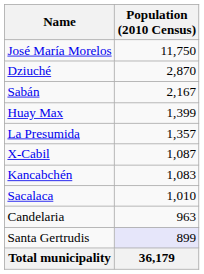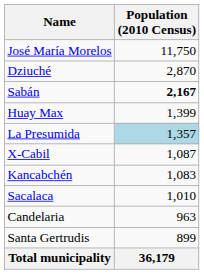 <table class="wikitable sortable">
 <tr>
 <th>Name</th>
 <th>Population<br>(2010 Census)</th>
 </tr>
 <tr>
 <td><a href='#'>José María Morelos</a></td>
 <td align=right>11,750</td>
 </tr>
 <tr>
 <td><a href='#'>Dziuché</a></td>
 <td align=right>2,870</td>
 </tr>
 <tr>
 <td><a href='#'>Sabán</a></td>
-<td align=right>2,167</td>
+<td align=right><strong>2,167</strong></td>
 </tr>
 <tr>
 <td><a href='#'>Huay Max</a></td>
 <td align=right>1,399</td>
 </tr>
 <tr>
 <td><a href='#'>La Presumida</a></td>
-<td align=right>1,357</td>
+<td align=right style="background: lightblue;">1,357</td>
 </tr>
 <tr>
 <td><a href='#'>X-Cabil</a></td>
 <td align=right>1,087</td>
 </tr>
 <tr>
 <td><a href='#'>Kancabchén</a></td>
 <td align=right>1,083</td>
 </tr>
 <tr>
 <td><a href='#'>Sacalaca</a></td>
 <td align=right>1,010</td>
 </tr>
 <tr>
 <td>Candelaria</td>
 <td align=right>963</td>
 </tr>
 <tr>
 <td>Santa Gertrudis</td>
-<td align=right style="background: lavender;">899</td>
+<td align=right>899</td>
 </tr>
 <tr>
 <th>Total municipality</th>
 <th>36,179</th>
 </tr>
 </table>
